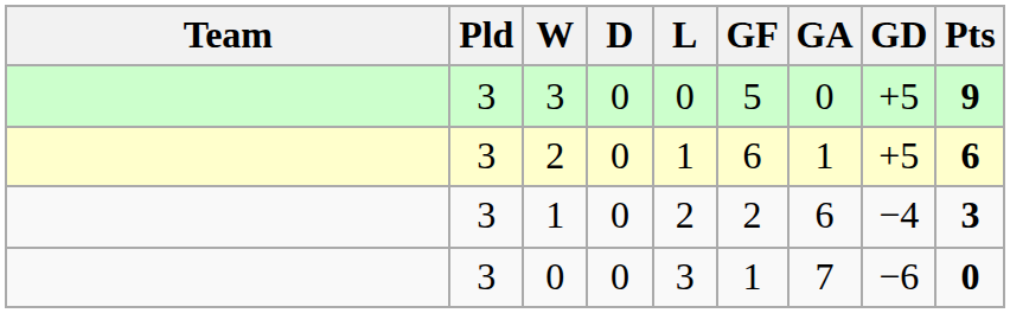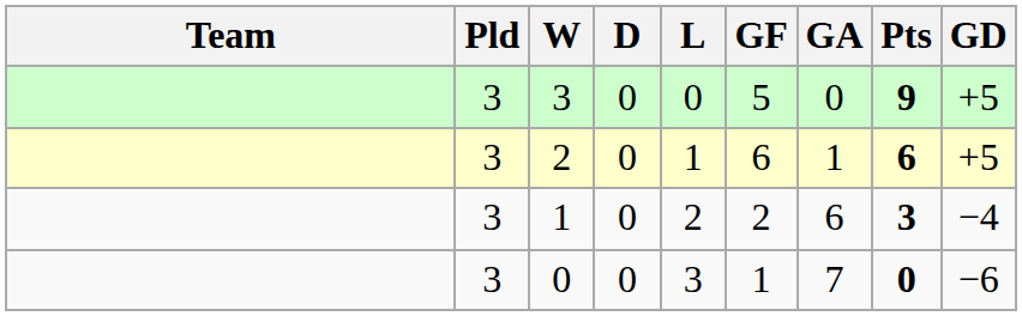 <table class="wikitable" style="text-align:center;">
 <tr>
 <th width=180>Team</th>
 <th width=20>Pld</th>
 <th width=20>W</th>
 <th width=20>D</th>
 <th width=20>L</th>
 <th width=20>GF</th>
 <th width=20>GA</th>
+<th width=20>Pts</th>
 <th width=20>GD</th>
-<th width=20>Pts</th>
 </tr>
 <tr style="background:#cfc;">
 <td align="left"></td>
 <td>3</td>
 <td>3</td>
 <td>0</td>
 <td>0</td>
 <td>5</td>
 <td>0</td>
+<td><strong>9</strong></td>
 <td>+5</td>
-<td><strong>9</strong></td>
 </tr>
 <tr style="background:#ffc;">
 <td align="left"></td>
 <td>3</td>
 <td>2</td>
 <td>0</td>
 <td>1</td>
 <td>6</td>
 <td>1</td>
+<td><strong>6</strong></td>
 <td>+5</td>
-<td><strong>6</strong></td>
 </tr>
 <tr>
 <td align="left"></td>
 <td>3</td>
 <td>1</td>
 <td>0</td>
 <td>2</td>
 <td>2</td>
 <td>6</td>
+<td><strong>3</strong></td>
 <td>−4</td>
-<td><strong>3</strong></td>
 </tr>
 <tr>
 <td align="left"><em></em></td>
 <td>3</td>
 <td>0</td>
 <td>0</td>
 <td>3</td>
 <td>1</td>
 <td>7</td>
+<td><strong>0</strong></td>
 <td>−6</td>
-<td><strong>0</strong></td>
 </tr>
 </table>
